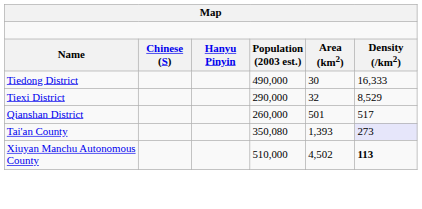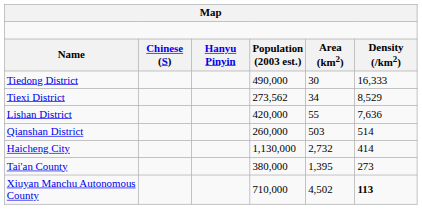 <table class="wikitable">
 <tr>
 <th colspan="6">Map</th>
 </tr>
 <tr>
 <td colspan="6"><div><br>          </div></td>
 </tr>
 <tr>
 <th>Name</th>
 <th><a href='#'>Chinese</a> (<a href='#'>S</a>)</th>
 <th><a href='#'>Hanyu Pinyin</a></th>
 <th>Population<br>(2003 est.)</th>
 <th>Area (km<sup>2</sup>)</th>
 <th>Density (/km<sup>2</sup>)</th>
 </tr>
 <tr --------->
 <td><a href='#'>Tiedong District</a></td>
 <td></td>
 <td></td>
 <td>490,000</td>
 <td>30</td>
 <td>16,333</td>
 </tr>
 <tr --------->
 <td><a href='#'>Tiexi District</a></td>
 <td></td>
 <td></td>
-<td>290,000</td>
-<td>32</td>
+<td>273,562</td>
+<td>34</td>
 <td>8,529</td>
+</tr>
+<tr --------->
+<td><a href='#'>Lishan District</a></td>
+<td></td>
+<td></td>
+<td>420,000</td>
+<td>55</td>
+<td>7,636</td>
 </tr>
 <tr --------->
 <td><a href='#'>Qianshan District</a></td>
 <td></td>
 <td></td>
 <td>260,000</td>
-<td>501</td>
-<td>517</td>
+<td>503</td>
+<td>514</td>
+</tr>
+<tr --------->
+<td><a href='#'>Haicheng City</a></td>
+<td></td>
+<td></td>
+<td>1,130,000</td>
+<td>2,732</td>
+<td>414</td>
 </tr>
 <tr --------->
 <td><a href='#'>Tai'an County</a></td>
 <td></td>
 <td></td>
-<td>350,080</td>
-<td>1,393</td>
-<td style="background: lavender;">273</td>
+<td>380,000</td>
+<td>1,395</td>
+<td>273</td>
 </tr>
 <tr --------->
 <td><a href='#'>Xiuyan Manchu Autonomous County</a></td>
 <td></td>
 <td></td>
-<td>510,000</td>
+<td>710,000</td>
 <td>4,502</td>
 <td><strong>113</strong></td>
 </tr>
 </table>
